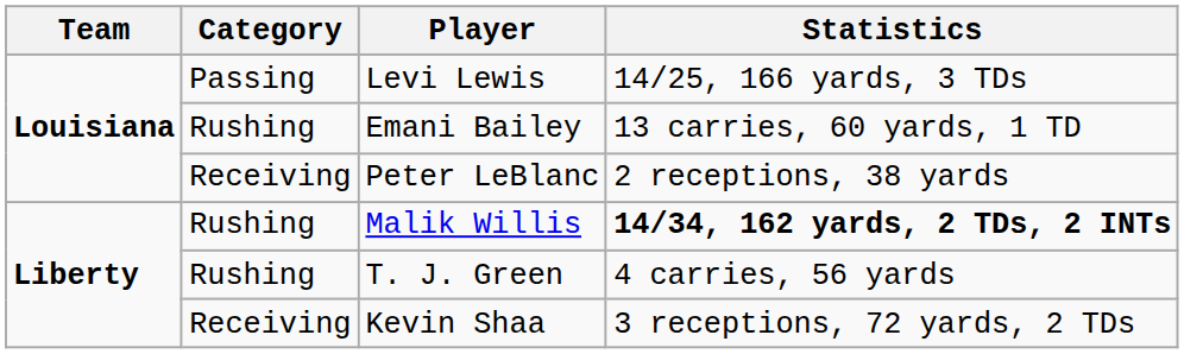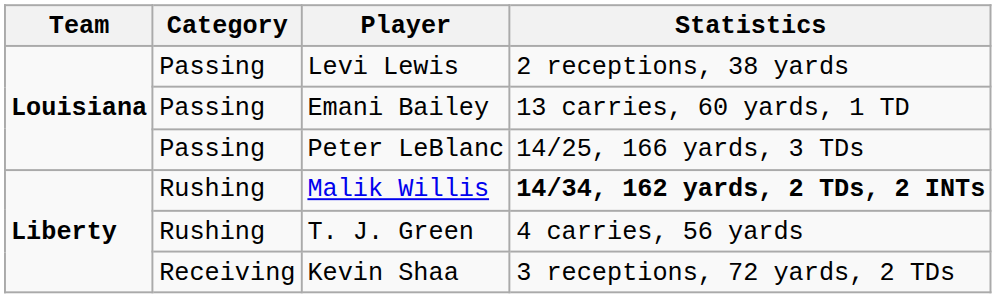 <table class="wikitable" style="float: left;">
 <tr>
 <th>Team</th>
 <th>Category</th>
 <th>Player</th>
 <th>Statistics</th>
 </tr>
 <tr>
 <td rowspan=3><strong>Louisiana</strong></td>
 <td>Passing</td>
 <td>Levi Lewis</td>
-<td>14/25, 166 yards, 3 TDs</td>
+<td>2 receptions, 38 yards</td>
 </tr>
 <tr>
-<td>Rushing</td>
+<td>Passing</td>
 <td>Emani Bailey</td>
 <td>13 carries, 60 yards, 1 TD</td>
 </tr>
 <tr>
-<td>Receiving</td>
+<td>Passing</td>
 <td>Peter LeBlanc</td>
-<td>2 receptions, 38 yards</td>
+<td>14/25, 166 yards, 3 TDs</td>
 </tr>
 <tr>
 <td rowspan=3><strong>Liberty</strong></td>
 <td>Rushing</td>
 <td><a href='#'>Malik Willis</a></td>
 <td><strong>14/34, 162 yards, 2 TDs, 2 INTs</strong></td>
 </tr>
 <tr>
 <td>Rushing</td>
 <td>T. J. Green</td>
 <td>4 carries, 56 yards</td>
 </tr>
 <tr>
 <td>Receiving</td>
 <td>Kevin Shaa</td>
 <td>3 receptions, 72 yards, 2 TDs</td>
 </tr>
 </table>
